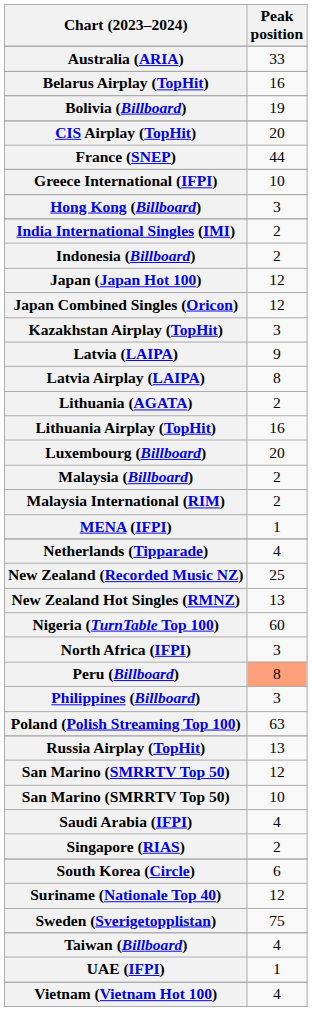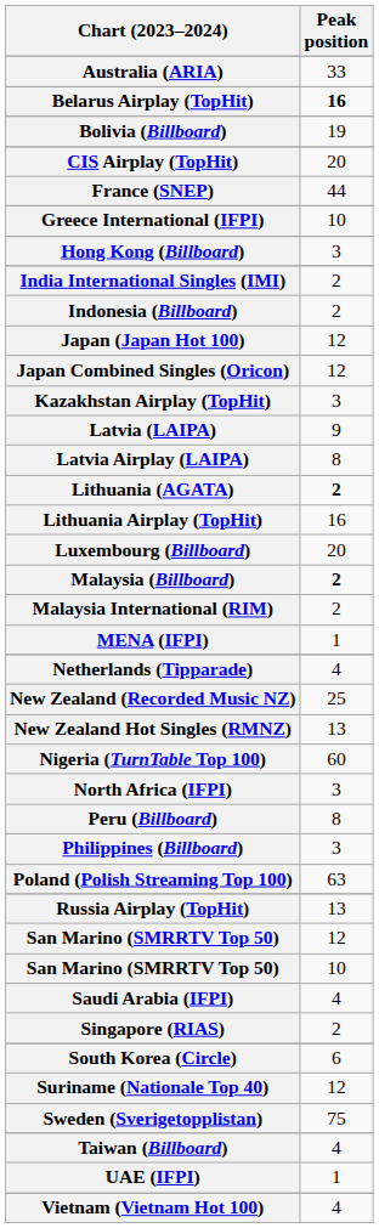 <table class="wikitable sortable plainrowheaders" style="text-align:center">
 <tr>
 <th scope="col">Chart (2023–2024)</th>
 <th scope="col">Peak<br>position</th>
 </tr>
 <tr>
 </tr>
 <tr>
 <th scope="row">Australia (<a href='#'>ARIA</a>)</th>
 <td>33</td>
 </tr>
 <tr>
 </tr>
 <tr>
 <th scope="row">Belarus Airplay (<a href='#'>TopHit</a>)<br><em></em></th>
-<td>16</td>
+<td><strong>16</strong></td>
 </tr>
 <tr>
 </tr>
 <tr>
 <th scope="row">Bolivia (<em><a href='#'>Billboard</a></em>)</th>
 <td>19</td>
 </tr>
 <tr>
 </tr>
 <tr>
 </tr>
 <tr>
 <th scope="row"><a href='#'>CIS</a> Airplay (<a href='#'>TopHit</a>)<br><em></em></th>
 <td>20</td>
 </tr>
 <tr>
 <th scope="row">France (<a href='#'>SNEP</a>)</th>
 <td>44</td>
 </tr>
 <tr>
 </tr>
 <tr>
 <th scope="row">Greece International (<a href='#'>IFPI</a>)</th>
 <td>10</td>
 </tr>
 <tr>
 </tr>
 <tr>
 <th scope="row"><a href='#'>Hong Kong</a> (<em><a href='#'>Billboard</a></em>)</th>
 <td>3</td>
 </tr>
 <tr>
 </tr>
 <tr>
 <th scope="row"><a href='#'>India International Singles</a> (<a href='#'>IMI</a>)</th>
 <td>2</td>
 </tr>
 <tr>
 <th scope="row">Indonesia (<em><a href='#'>Billboard</a></em>)</th>
 <td>2</td>
 </tr>
 <tr>
 <th scope="row">Japan (<a href='#'>Japan Hot 100</a>)</th>
 <td>12</td>
 </tr>
 <tr>
 <th scope="row">Japan Combined Singles (<a href='#'>Oricon</a>)</th>
 <td>12</td>
 </tr>
 <tr>
 <th scope="row">Kazakhstan Airplay (<a href='#'>TopHit</a>)<br><em></em></th>
 <td>3</td>
 </tr>
 <tr>
 <th scope="row">Latvia (<a href='#'>LAIPA</a>)</th>
 <td>9</td>
 </tr>
 <tr>
 <th scope="row">Latvia Airplay (<a href='#'>LAIPA</a>)</th>
 <td>8</td>
 </tr>
 <tr>
 <th scope="row">Lithuania (<a href='#'>AGATA</a>)</th>
-<td>2</td>
+<td><strong>2</strong></td>
 </tr>
 <tr>
 <th scope="row">Lithuania Airplay (<a href='#'>TopHit</a>)</th>
 <td>16</td>
 </tr>
 <tr>
 <th scope="row">Luxembourg (<em><a href='#'>Billboard</a></em>)</th>
 <td>20</td>
 </tr>
 <tr>
 <th scope="row">Malaysia (<em><a href='#'>Billboard</a></em>)</th>
-<td>2</td>
+<td><strong>2</strong></td>
 </tr>
 <tr>
 <th scope="row">Malaysia International (<a href='#'>RIM</a>)</th>
 <td>2</td>
 </tr>
 <tr>
 <th scope="row"><a href='#'>MENA</a> (<a href='#'>IFPI</a>)</th>
 <td>1</td>
 </tr>
 <tr>
 </tr>
 <tr>
 </tr>
 <tr>
 <th scope="row">Netherlands (<a href='#'>Tipparade</a>)</th>
 <td>4</td>
 </tr>
 <tr>
 <th scope="row">New Zealand (<a href='#'>Recorded Music NZ</a>)</th>
 <td>25</td>
 </tr>
 <tr>
 <th scope="row">New Zealand Hot Singles (<a href='#'>RMNZ</a>)<br><em></em></th>
 <td>13</td>
 </tr>
 <tr>
 <th scope="row">Nigeria (<a href='#'><em>TurnTable</em> Top 100</a>)</th>
 <td>60</td>
 </tr>
 <tr>
 <th scope="row">North Africa (<a href='#'>IFPI</a>)</th>
 <td>3</td>
 </tr>
 <tr>
 <th scope="row">Peru (<em><a href='#'>Billboard</a></em>)</th>
-<td style="background: lightsalmon;">8</td>
+<td>8</td>
 </tr>
 <tr>
 <th scope="row"><a href='#'>Philippines</a> (<em><a href='#'>Billboard</a></em>)</th>
 <td>3</td>
 </tr>
 <tr>
 <th scope="row">Poland (<a href='#'>Polish Streaming Top 100</a>)</th>
 <td>63</td>
 </tr>
 <tr>
 </tr>
 <tr>
 </tr>
 <tr>
 <th scope="row">Russia Airplay (<a href='#'>TopHit</a>)<br><em></em></th>
 <td>13</td>
 </tr>
 <tr>
 <th scope="row">San Marino (<a href='#'>SMRRTV Top 50</a>)</th>
 <td>12</td>
 </tr>
 <tr>
 <th scope="row">San Marino (SMRRTV Top 50)<br><em></em></th>
 <td>10</td>
 </tr>
 <tr>
 <th scope="row">Saudi Arabia (<a href='#'>IFPI</a>)</th>
 <td>4</td>
 </tr>
 <tr>
 <th scope="row">Singapore (<a href='#'>RIAS</a>)</th>
 <td>2</td>
 </tr>
 <tr>
 </tr>
 <tr>
 <th scope="row">South Korea (<a href='#'>Circle</a>)</th>
 <td>6</td>
 </tr>
 <tr>
 <th scope="row">Suriname (<a href='#'>Nationale Top 40</a>)</th>
 <td>12</td>
 </tr>
 <tr>
 <th scope="row">Sweden (<a href='#'>Sverigetopplistan</a>)</th>
 <td>75</td>
 </tr>
 <tr>
 </tr>
 <tr>
 <th scope="row">Taiwan (<em><a href='#'>Billboard</a></em>)</th>
 <td>4</td>
 </tr>
 <tr>
 <th scope="row">UAE (<a href='#'>IFPI</a>)</th>
 <td>1</td>
 </tr>
 <tr>
 </tr>
 <tr>
 </tr>
 <tr>
 </tr>
 <tr>
 <th scope="row">Vietnam (<a href='#'>Vietnam Hot 100</a>)</th>
 <td>4</td>
 </tr>
 </table>
